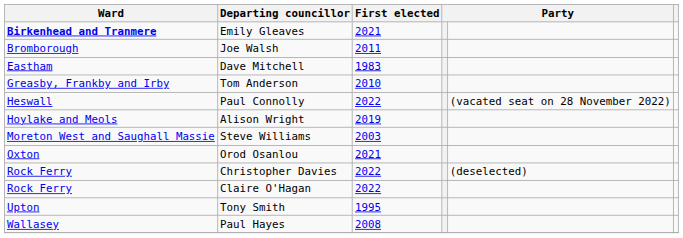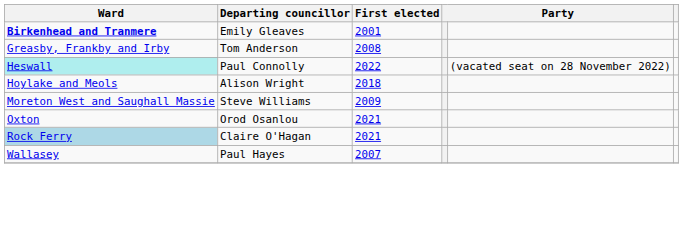 <table class="wikitable sortable">
 <tr>
 <th>Ward</th>
 <th>Departing councillor</th>
 <th>First elected</th>
 <th colspan="2">Party</th>
 <th></th>
 </tr>
 <tr>
 <td align="left"><strong><a href='#'>Birkenhead and Tranmere</a></strong></td>
 <td align="left">Emily Gleaves</td>
-<td align="left"><a href='#'>2021</a></td>
-<th style="background-color: "></th>
-<td><a href='#'></a></td>
-<td align = center></td>
-</tr>
-<tr>
-<td align="left"><a href='#'>Bromborough</a></td>
-<td align="left">Joe Walsh</td>
-<td align="left"><a href='#'>2011</a></td>
-<th style="background-color: "></th>
-<td><a href='#'></a></td>
-<td align = center></td>
-</tr>
-<tr>
-<td align="left"><a href='#'>Eastham</a></td>
-<td align="left">Dave Mitchell</td>
-<td align="left"><a href='#'>1983</a></td>
+<td align="left"><a href='#'>2001</a></td>
 <th style="background-color: "></th>
 <td><a href='#'></a></td>
 <td align = center></td>
 </tr>
 <tr>
 <td align="left"><a href='#'>Greasby, Frankby and Irby</a></td>
 <td align="left">Tom Anderson</td>
-<td align="left"><a href='#'>2010</a></td>
+<td align="left"><a href='#'>2008</a></td>
 <th style="background-color: "></th>
 <td><a href='#'></a></td>
 <td align = center></td>
 </tr>
 <tr>
-<td align="left"><a href='#'>Heswall</a></td>
+<td align="left" style="background: paleturquoise;"><a href='#'>Heswall</a></td>
 <td align="left">Paul Connolly</td>
 <td align="left"><a href='#'>2022</a></td>
 <th style="background-color: "></th>
 <td><a href='#'></a> (vacated seat on 28 November 2022)</td>
 <td align = center></td>
 </tr>
 <tr>
 <td align="left"><a href='#'>Hoylake and Meols</a></td>
 <td align="left">Alison Wright</td>
-<td align="left"><a href='#'>2019</a></td>
+<td align="left"><a href='#'>2018</a></td>
 <th style="background-color: "></th>
 <td><a href='#'></a></td>
 <td align = center></td>
 </tr>
 <tr>
 <td align="left"><a href='#'>Moreton West and Saughall Massie</a></td>
 <td align="left">Steve Williams</td>
-<td align="left"><a href='#'>2003</a></td>
+<td align="left"><a href='#'>2009</a></td>
 <th style="background-color: "></th>
 <td><a href='#'></a></td>
 <td align = center></td>
 </tr>
 <tr>
 <td align="left"><a href='#'>Oxton</a></td>
 <td align="left">Orod Osanlou</td>
 <td align="left"><a href='#'>2021</a></td>
 <th style="background-color: "></th>
 <td><a href='#'></a></td>
 <td align = center></td>
 </tr>
 <tr>
-<td align="left"><a href='#'>Rock Ferry</a></td>
-<td align="left">Christopher Davies</td>
-<td align="left"><a href='#'>2022</a></td>
-<th style="background-color: "></th>
-<td><a href='#'></a> (deselected)</td>
-<td align = center></td>
-</tr>
-<tr>
-<td align="left"><a href='#'>Rock Ferry</a></td>
+<td align="left" style="background: lightblue;"><a href='#'>Rock Ferry</a></td>
 <td align="left">Claire O'Hagan</td>
-<td align="left"><a href='#'>2022</a></td>
-<th style="background-color: "></th>
-<td><a href='#'></a></td>
-<td align = center></td>
-</tr>
-<tr>
-<td align="left"><a href='#'>Upton</a></td>
-<td align="left">Tony Smith</td>
-<td align="left"><a href='#'>1995</a></td>
+<td align="left"><a href='#'>2021</a></td>
 <th style="background-color: "></th>
 <td><a href='#'></a></td>
 <td align = center></td>
 </tr>
 <tr>
 <td align="left"><a href='#'>Wallasey</a></td>
 <td align="left">Paul Hayes</td>
-<td align="left"><a href='#'>2008</a></td>
+<td align="left"><a href='#'>2007</a></td>
 <th style="background-color: "></th>
 <td><a href='#'></a></td>
 <td align = center></td>
 </tr>
 <tr>
 </tr>
 </table>
